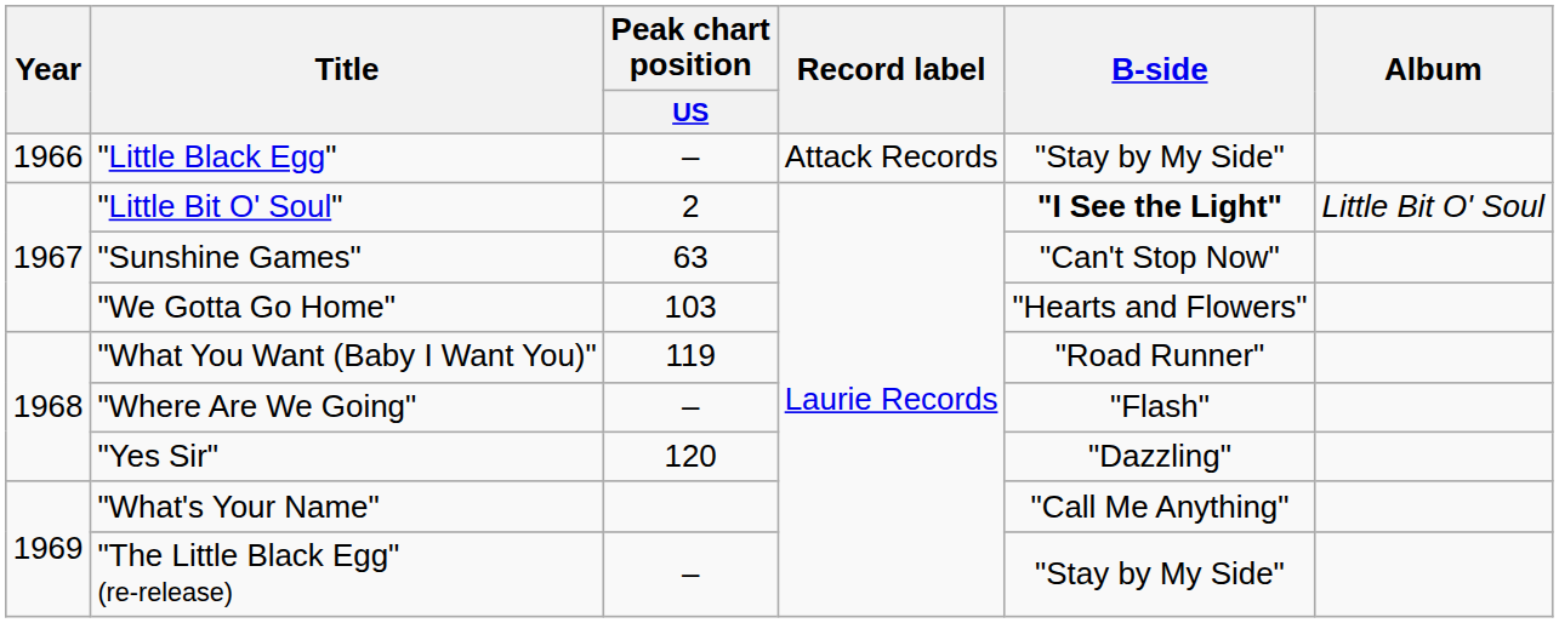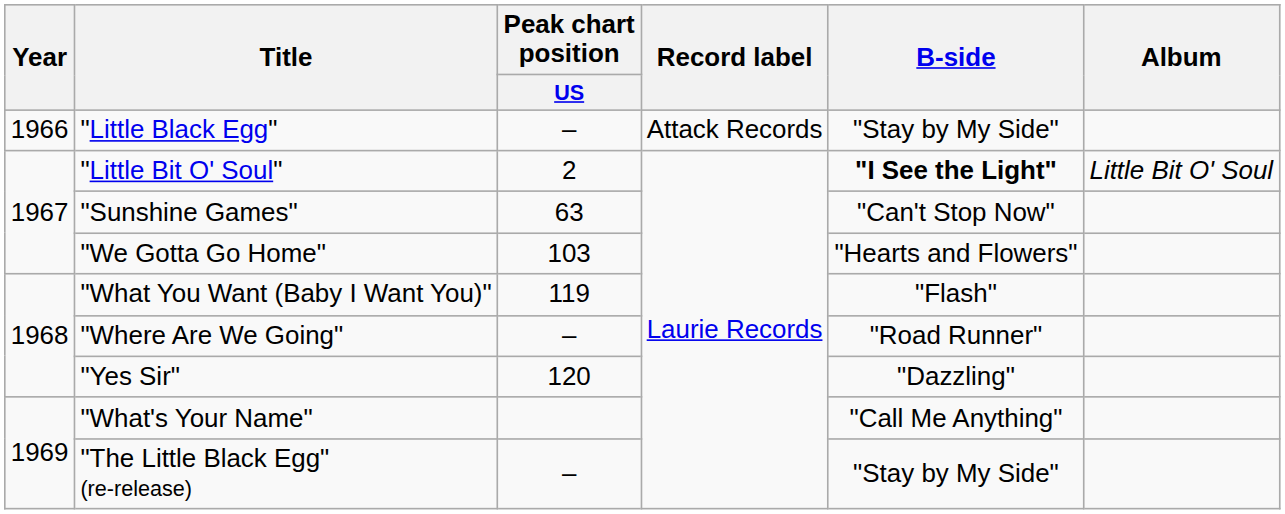 <table class="wikitable" style=text-align:center;>
 <tr>
 <th rowspan="2">Year</th>
 <th rowspan="2">Title</th>
 <th>Peak chart<br>position</th>
 <th rowspan="2">Record label</th>
 <th rowspan="2"><a href='#'>B-side</a></th>
 <th rowspan="2">Album</th>
 </tr>
 <tr style="font-size:smaller;">
 <th align=centre><a href='#'>US</a></th>
 </tr>
 <tr>
 <td>1966</td>
 <td align=left>"<a href='#'>Little Black Egg</a>"</td>
 <td>–</td>
 <td>Attack Records</td>
 <td>"Stay by My Side"</td>
 <td></td>
 </tr>
 <tr>
 <td rowspan="3">1967</td>
 <td align=left>"<a href='#'>Little Bit O' Soul</a>"</td>
 <td>2</td>
 <td rowspan="8"><a href='#'>Laurie Records</a></td>
 <td><strong>"I See the Light"</strong></td>
 <td><em>Little Bit O' Soul</em></td>
 </tr>
 <tr>
 <td align=left>"Sunshine Games"</td>
 <td>63</td>
 <td>"Can't Stop Now"</td>
 <td></td>
 </tr>
 <tr>
 <td align=left>"We Gotta Go Home"</td>
 <td>103</td>
 <td>"Hearts and Flowers"</td>
 <td></td>
 </tr>
 <tr>
 <td rowspan="3">1968</td>
 <td align=left>"What You Want (Baby I Want You)"</td>
 <td>119</td>
-<td>"Road Runner"</td>
+<td>"Flash"</td>
 <td></td>
 </tr>
 <tr>
 <td align=left>"Where Are We Going"</td>
 <td>–</td>
-<td>"Flash"</td>
+<td>"Road Runner"</td>
 <td></td>
 </tr>
 <tr>
 <td align=left>"Yes Sir"</td>
 <td>120</td>
 <td>"Dazzling"</td>
 <td></td>
 </tr>
 <tr>
 <td rowspan="2">1969</td>
 <td align=left>"What's Your Name"</td>
 <td></td>
 <td>"Call Me Anything"</td>
 <td></td>
 </tr>
 <tr>
 <td align=left>"The Little Black Egg"<br><small>(re-release)</small></td>
 <td>–</td>
 <td>"Stay by My Side"</td>
 <td></td>
 </tr>
 </table>
